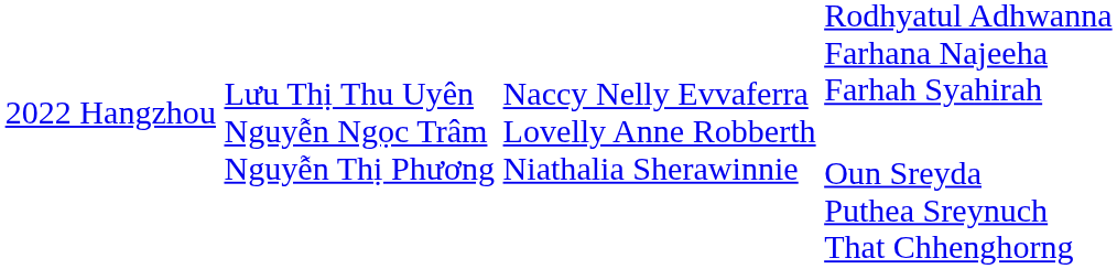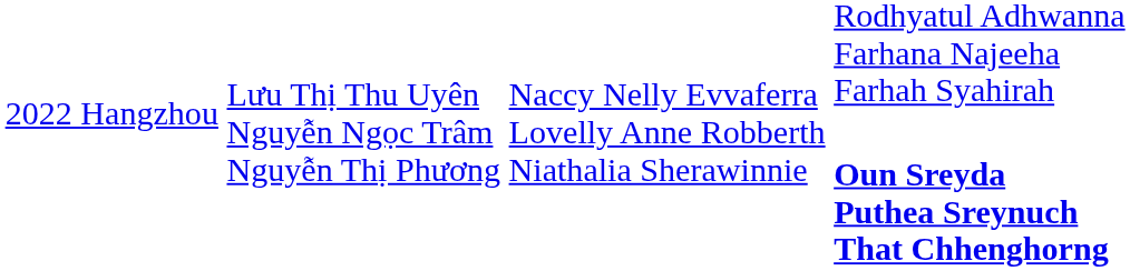 <table>
 <tr>
 <td rowspan=2><a href='#'>2022 Hangzhou</a></td>
 <td rowspan=2><br><a href='#'>Lưu Thị Thu Uyên</a><br><a href='#'>Nguyễn Ngọc Trâm</a><br><a href='#'>Nguyễn Thị Phương</a></td>
 <td rowspan=2><br><a href='#'>Naccy Nelly Evvaferra</a><br><a href='#'>Lovelly Anne Robberth</a><br><a href='#'>Niathalia Sherawinnie</a></td>
 <td><br><a href='#'>Rodhyatul Adhwanna</a><br><a href='#'>Farhana Najeeha</a><br><a href='#'>Farhah Syahirah</a></td>
 </tr>
 <tr>
-<td><br><a href='#'>Oun Sreyda</a><br><a href='#'>Puthea Sreynuch</a><br><a href='#'>That Chhenghorng</a></td>
+<td><strong><br><a href='#'>Oun Sreyda</a><br><a href='#'>Puthea Sreynuch</a><br><a href='#'>That Chhenghorng</a></strong></td>
 </tr>
 </table>
